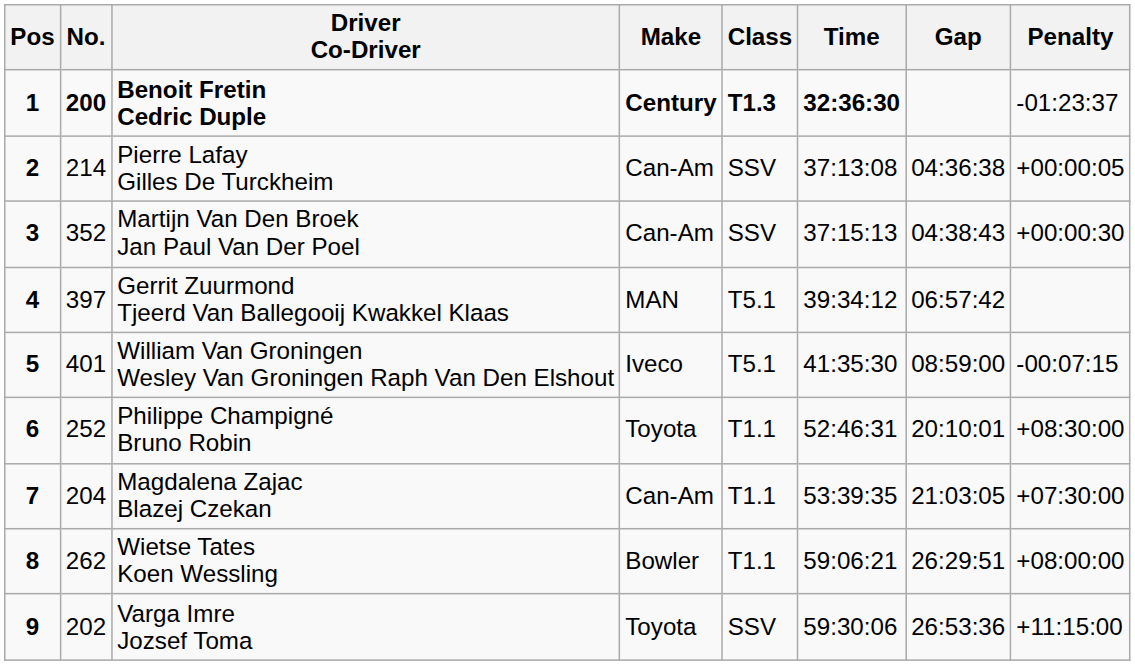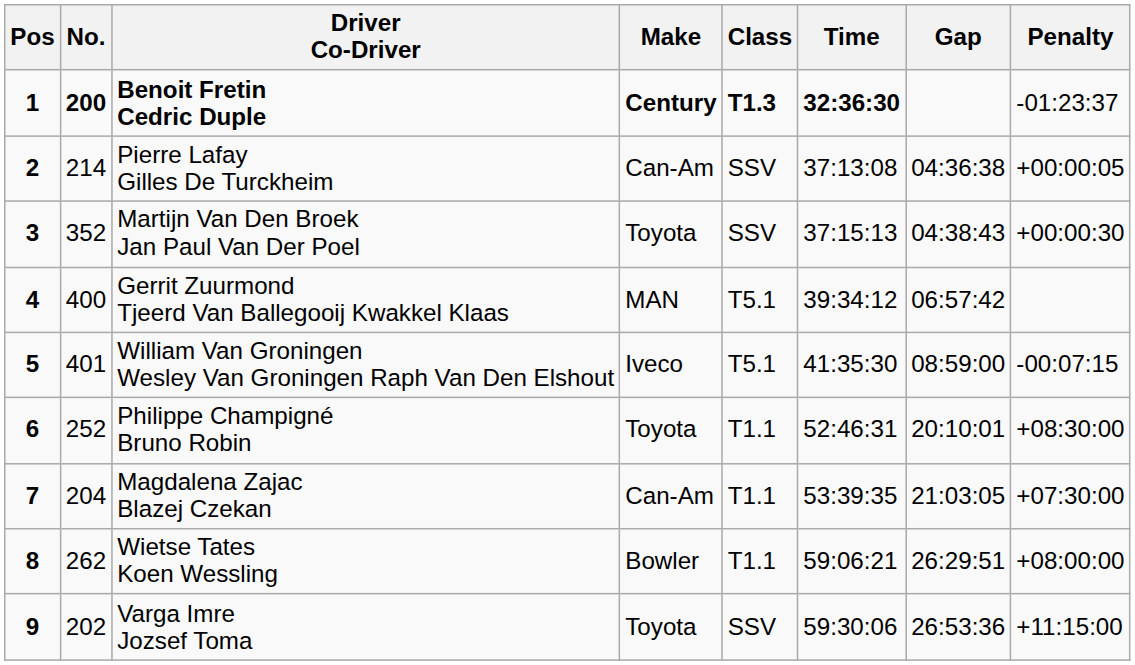 <table class="wikitable">
 <tr>
 <th>Pos</th>
 <th>No.</th>
 <th>Driver<br>Co-Driver</th>
 <th>Make</th>
 <th>Class</th>
 <th>Time</th>
 <th>Gap</th>
 <th>Penalty</th>
 </tr>
 <tr>
 <td align="center"><strong>1</strong></td>
 <td><strong>200</strong></td>
 <td><strong> Benoit Fretin</strong><br><strong> Cedric Duple</strong></td>
 <td><strong>Century</strong></td>
 <td><strong>T1.3</strong></td>
 <td><strong>32:36:30</strong></td>
 <td></td>
 <td>-01:23:37</td>
 </tr>
 <tr>
 <td align="center"><strong>2</strong></td>
 <td>214</td>
 <td> Pierre Lafay<br> Gilles De Turckheim</td>
 <td>Can-Am</td>
 <td>SSV</td>
 <td>37:13:08</td>
 <td>04:36:38</td>
 <td>+00:00:05</td>
 </tr>
 <tr>
 <td align="center"><strong>3</strong></td>
 <td>352</td>
 <td><strong></strong> Martijn Van Den Broek<br><strong></strong> Jan Paul Van Der Poel</td>
-<td>Can-Am</td>
+<td>Toyota</td>
 <td>SSV</td>
 <td>37:15:13</td>
 <td>04:38:43</td>
 <td>+00:00:30</td>
 </tr>
 <tr>
 <td align="center"><strong>4</strong></td>
-<td>397</td>
+<td>400</td>
 <td><strong></strong> Gerrit Zuurmond<br><strong></strong> Tjeerd Van Ballegooij <strong></strong> Kwakkel Klaas</td>
 <td>MAN</td>
 <td>T5.1</td>
 <td>39:34:12</td>
 <td>06:57:42</td>
 <td></td>
 </tr>
 <tr>
 <td align="center"><strong>5</strong></td>
 <td>401</td>
 <td><strong></strong> William Van Groningen<br><strong></strong> Wesley Van Groningen <strong></strong> Raph Van Den Elshout</td>
 <td>Iveco</td>
 <td>T5.1</td>
 <td>41:35:30</td>
 <td>08:59:00</td>
 <td>-00:07:15</td>
 </tr>
 <tr>
 <td align="center"><strong>6</strong></td>
 <td>252</td>
 <td> Philippe Champigné<br> Bruno Robin</td>
 <td>Toyota</td>
 <td>T1.1</td>
 <td>52:46:31</td>
 <td>20:10:01</td>
 <td>+08:30:00</td>
 </tr>
 <tr>
 <td align="center"><strong>7</strong></td>
 <td>204</td>
 <td> Magdalena Zajac<br> Blazej Czekan</td>
 <td>Can-Am</td>
 <td>T1.1</td>
 <td>53:39:35</td>
 <td>21:03:05</td>
 <td>+07:30:00</td>
 </tr>
 <tr>
 <td align="center"><strong>8</strong></td>
 <td>262</td>
 <td><strong></strong> Wietse Tates<br><strong></strong> Koen Wessling</td>
 <td>Bowler</td>
 <td>T1.1</td>
 <td>59:06:21</td>
 <td>26:29:51</td>
 <td>+08:00:00</td>
 </tr>
 <tr>
 <td align="center"><strong>9</strong></td>
 <td>202</td>
 <td> Varga Imre<br> Jozsef Toma</td>
 <td>Toyota</td>
 <td>SSV</td>
 <td>59:30:06</td>
 <td>26:53:36</td>
 <td>+11:15:00</td>
 </tr>
 </table>
